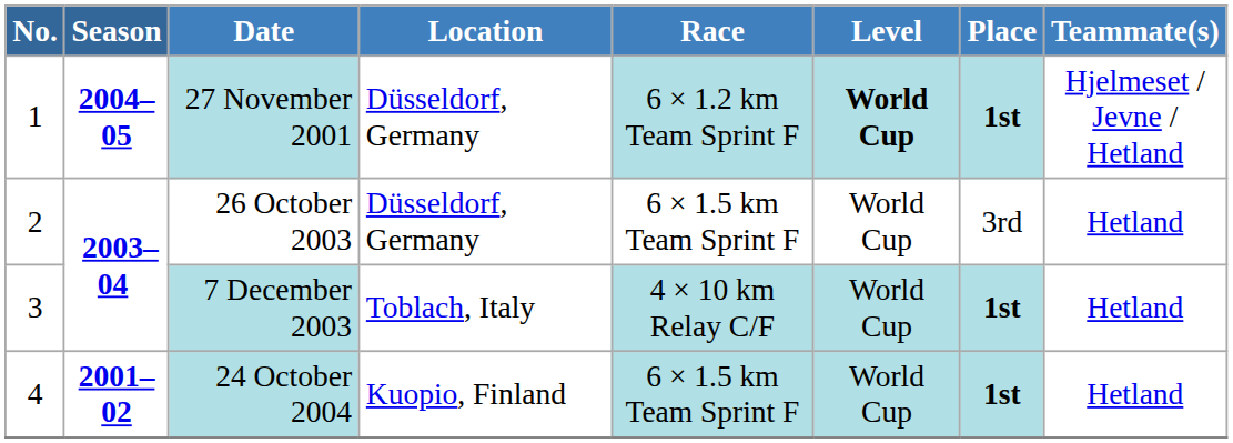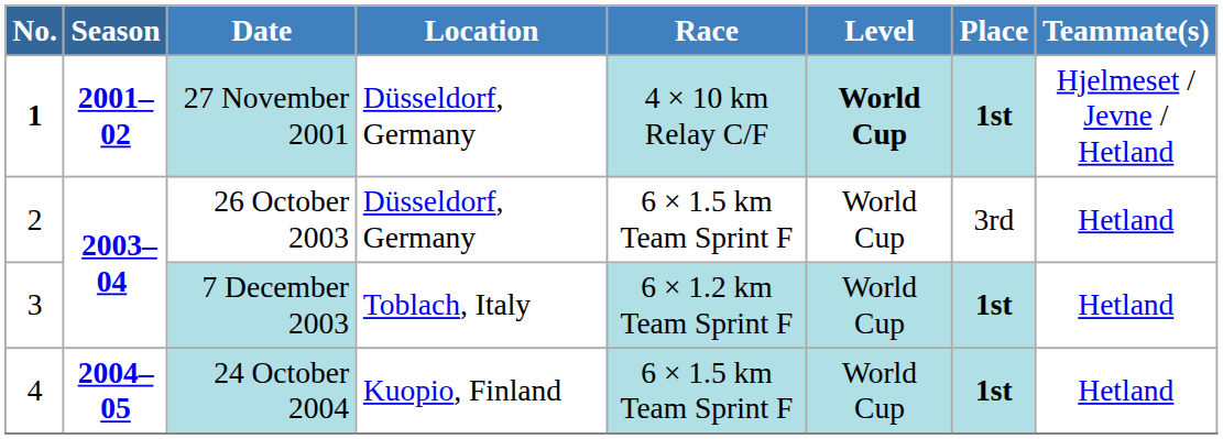 <table class="wikitable sortable" style="font-size:95%; text-align:center; border:grey solid 1px; border-collapse:collapse; background:#ffffff;">
 <tr style="background:#efefef;">
 <th style="background-color:#369; color:white;">No.</th>
 <th style="background-color:#369; color:white;">Season</th>
 <th style="background-color:#4180be; color:white; width:120px;">Date</th>
 <th style="background-color:#4180be; color:white; width:185px;">Location</th>
 <th style="background-color:#4180be; color:white; width:170px;">Race</th>
 <th style="background-color:#4180be; color:white; width:100px;">Level</th>
 <th style="background-color:#4180be; color:white;">Place</th>
 <th style="background-color:#4180be; color:white;">Teammate(s)</th>
 </tr>
 <tr>
-<td align=center>1</td>
-<td rowspan=1 align=center><strong><a href='#'>2004–05</a></strong></td>
+<td align=center><strong>1</strong></td>
+<td rowspan=1 align=center><strong><a href='#'>2001–02</a></strong></td>
 <td bgcolor="#BOEOE6" align=right>27 November 2001</td>
 <td align=left> <a href='#'>Düsseldorf</a>, Germany</td>
-<td bgcolor="#BOEOE6">6 × 1.2 km Team Sprint F</td>
+<td bgcolor="#BOEOE6">4 × 10 km Relay C/F</td>
 <td bgcolor="#BOEOE6"><strong>World Cup</strong></td>
 <td bgcolor="#BOEOE6"><strong>1st</strong></td>
 <td><a href='#'>Hjelmeset</a> / <a href='#'>Jevne</a> / <a href='#'>Hetland</a></td>
 </tr>
 <tr>
 <td align=center>2</td>
 <td rowspan=2 align=center><strong> <a href='#'>2003–04</a> </strong></td>
 <td align=right>26 October 2003</td>
 <td align=left> <a href='#'>Düsseldorf</a>, Germany</td>
 <td>6 × 1.5 km Team Sprint F</td>
 <td>World Cup</td>
 <td>3rd</td>
 <td><a href='#'>Hetland</a></td>
 </tr>
 <tr>
 <td align=center>3</td>
 <td bgcolor="#BOEOE6" align=right>7 December 2003</td>
 <td align=left> <a href='#'>Toblach</a>, Italy</td>
-<td bgcolor="#BOEOE6">4 × 10 km Relay C/F</td>
+<td bgcolor="#BOEOE6">6 × 1.2 km Team Sprint F</td>
 <td bgcolor="#BOEOE6">World Cup</td>
 <td bgcolor="#BOEOE6"><strong>1st</strong></td>
 <td><a href='#'>Hetland</a></td>
 </tr>
 <tr>
 <td align=center>4</td>
-<td rowspan=1 align=center><strong><a href='#'>2001–02</a></strong></td>
+<td rowspan=1 align=center><strong><a href='#'>2004–05</a></strong></td>
 <td bgcolor="#BOEOE6" align=right>24 October 2004</td>
 <td align=left> <a href='#'>Kuopio</a>, Finland</td>
 <td bgcolor="#BOEOE6">6 × 1.5 km Team Sprint F</td>
 <td bgcolor="#BOEOE6">World Cup</td>
 <td bgcolor="#BOEOE6"><strong>1st</strong></td>
 <td><a href='#'>Hetland</a></td>
 </tr>
 <tr>
 </tr>
 </table>
